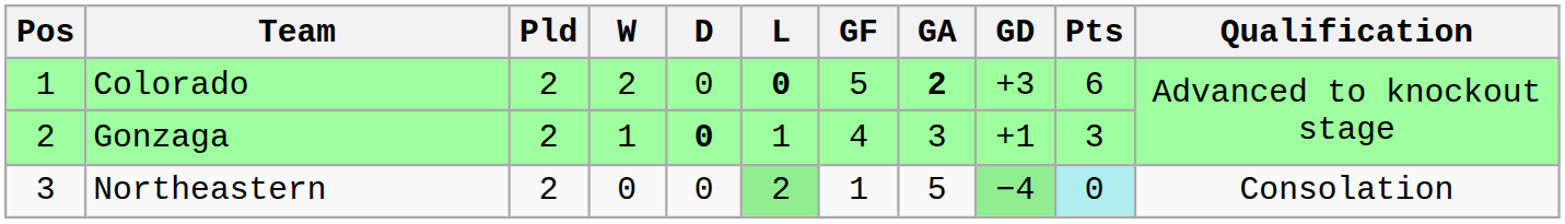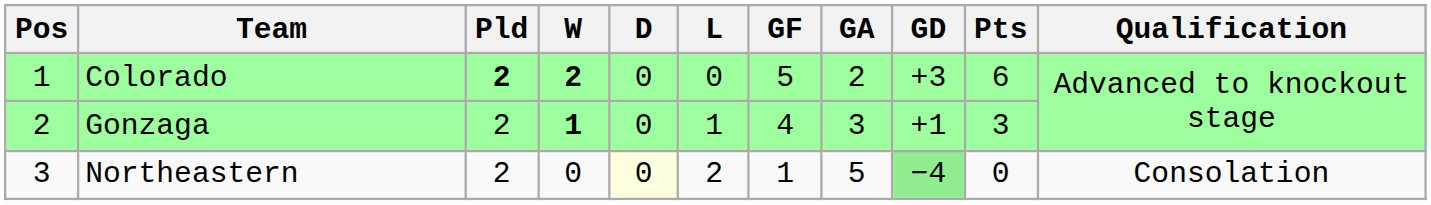 <table class="wikitable" style="text-align:center; margin: 1em auto">
 <tr>
 <th style=width:2em>Pos</th>
 <th style=width:13em>Team</th>
 <th style=width:2em>Pld</th>
 <th style=width:2em>W</th>
 <th style=width:2em>D</th>
 <th style=width:2em>L</th>
 <th style=width:2em>GF</th>
 <th style=width:2em>GA</th>
 <th style=width:2em>GD</th>
 <th style=width:2em>Pts</th>
 <th style=width:13em>Qualification</th>
 </tr>
 <tr bgcolor="#9eff9e">
 <td>1</td>
 <td style="text-align:left">Colorado</td>
+<td><strong>2</strong></td>
+<td><strong>2</strong></td>
+<td>0</td>
+<td>0</td>
+<td>5</td>
 <td>2</td>
-<td>2</td>
-<td>0</td>
-<td><strong>0</strong></td>
-<td>5</td>
-<td><strong>2</strong></td>
 <td>+3</td>
 <td>6</td>
 <td rowspan="2">Advanced to knockout stage</td>
 </tr>
 <tr bgcolor="#9eff9e">
 <td>2</td>
 <td style="text-align:left">Gonzaga</td>
 <td>2</td>
-<td>1</td>
-<td><strong>0</strong></td>
+<td><strong>1</strong></td>
+<td>0</td>
 <td>1</td>
 <td>4</td>
 <td>3</td>
 <td>+1</td>
 <td>3</td>
 </tr>
 <tr>
 <td>3</td>
 <td style="text-align:left">Northeastern</td>
 <td>2</td>
 <td>0</td>
-<td>0</td>
-<td style="background: lightgreen;">2</td>
+<td style="background: lightyellow;">0</td>
+<td>2</td>
 <td>1</td>
 <td>5</td>
 <td style="background: lightgreen;">−4</td>
-<td style="background: paleturquoise;">0</td>
+<td>0</td>
 <td>Consolation</td>
 </tr>
 </table>
